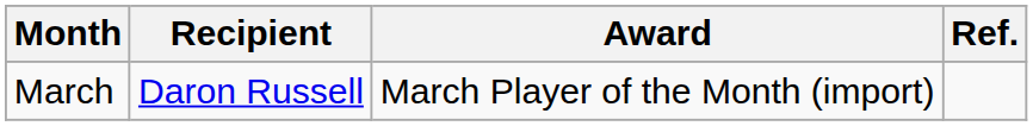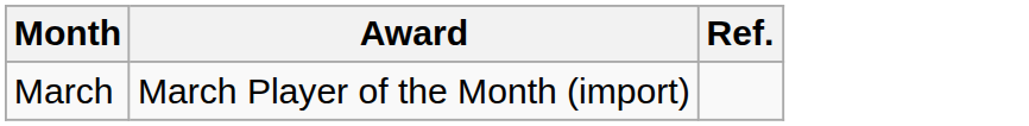 <table class="wikitable">
 <tr>
 <th>Month</th>
-<th>Recipient</th>
 <th>Award</th>
 <th>Ref.</th>
 </tr>
 <tr>
 <td>March</td>
-<td><a href='#'>Daron Russell</a></td>
 <td>March Player of the Month (import)</td>
 <td></td>
 </tr>
 </table>
